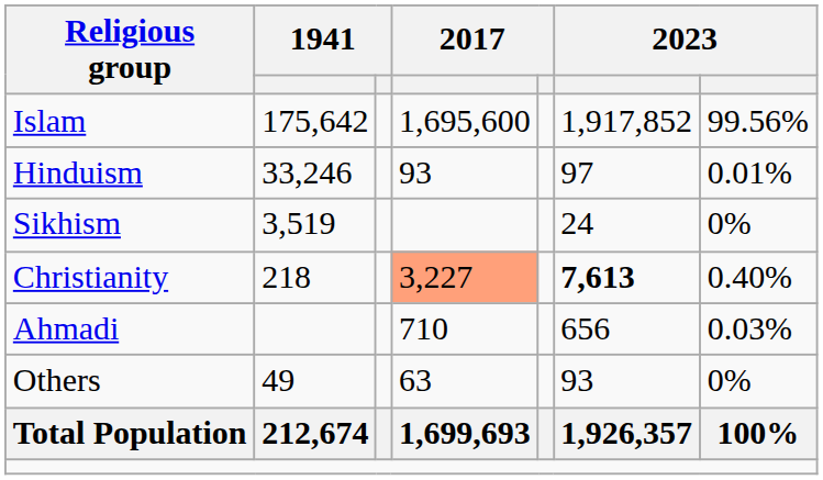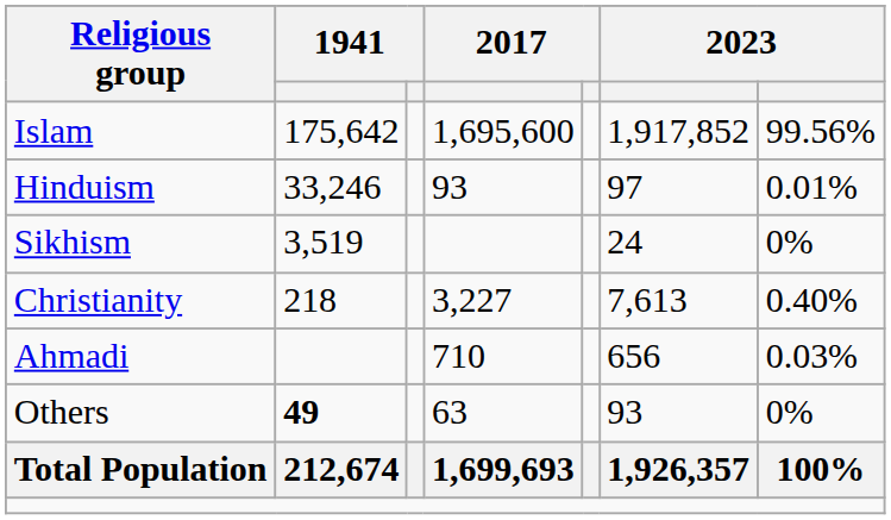 <table class="wikitable sortable">
 <tr>
 <th rowspan="2"><a href='#'>Religious</a><br>group</th>
 <th colspan="2">1941</th>
 <th colspan="2">2017</th>
 <th colspan="2">2023</th>
 </tr>
 <tr>
 <th><a href='#'></a></th>
 <th></th>
 <th></th>
 <th></th>
 <th></th>
 <th></th>
 </tr>
 <tr>
 <td><a href='#'>Islam</a> </td>
 <td>175,642</td>
 <td></td>
 <td>1,695,600</td>
 <td></td>
 <td>1,917,852</td>
 <td>99.56%</td>
 </tr>
 <tr>
 <td><a href='#'>Hinduism</a> </td>
 <td>33,246</td>
 <td></td>
 <td>93</td>
 <td></td>
 <td>97</td>
 <td>0.01%</td>
 </tr>
 <tr>
 <td><a href='#'>Sikhism</a> </td>
 <td>3,519</td>
 <td></td>
 <td></td>
 <td></td>
 <td>24</td>
 <td>0%</td>
 </tr>
 <tr>
 <td><a href='#'>Christianity</a> </td>
 <td>218</td>
 <td></td>
-<td style="background: lightsalmon;">3,227</td>
+<td>3,227</td>
 <td></td>
-<td><strong>7,613</strong></td>
+<td>7,613</td>
 <td>0.40%</td>
 </tr>
 <tr>
 <td><a href='#'>Ahmadi</a></td>
 <td></td>
 <td></td>
 <td>710</td>
 <td></td>
 <td>656</td>
 <td>0.03%</td>
 </tr>
 <tr>
 <td>Others </td>
-<td>49</td>
+<td><strong>49</strong></td>
 <td></td>
 <td>63</td>
 <td></td>
 <td>93</td>
 <td>0%</td>
 </tr>
 <tr>
 <th>Total Population</th>
 <th>212,674</th>
 <th></th>
 <th>1,699,693</th>
 <th></th>
 <th>1,926,357</th>
 <th>100%</th>
 </tr>
 <tr class="sortbottom">
 <td colspan="7"></td>
 </tr>
 </table>
